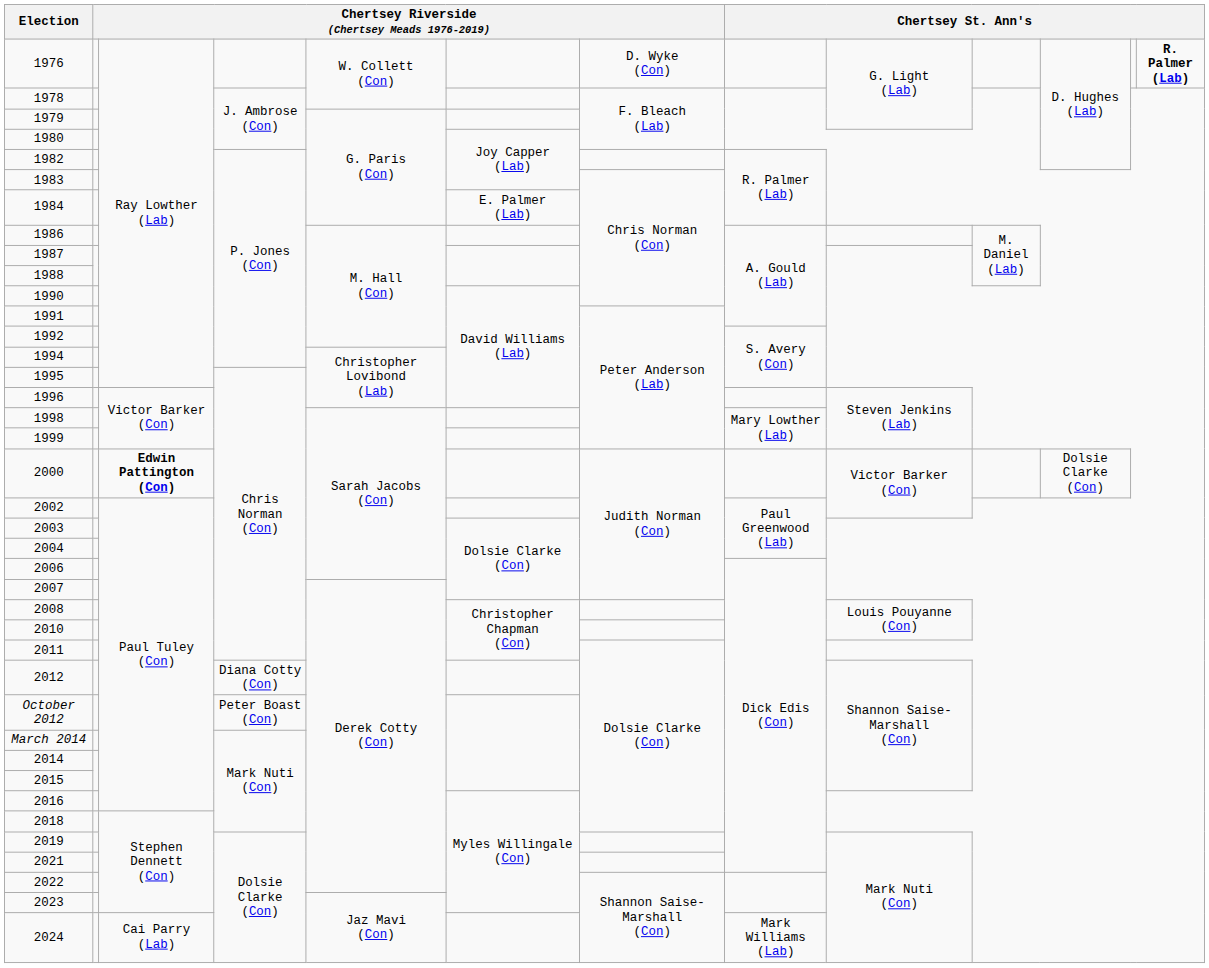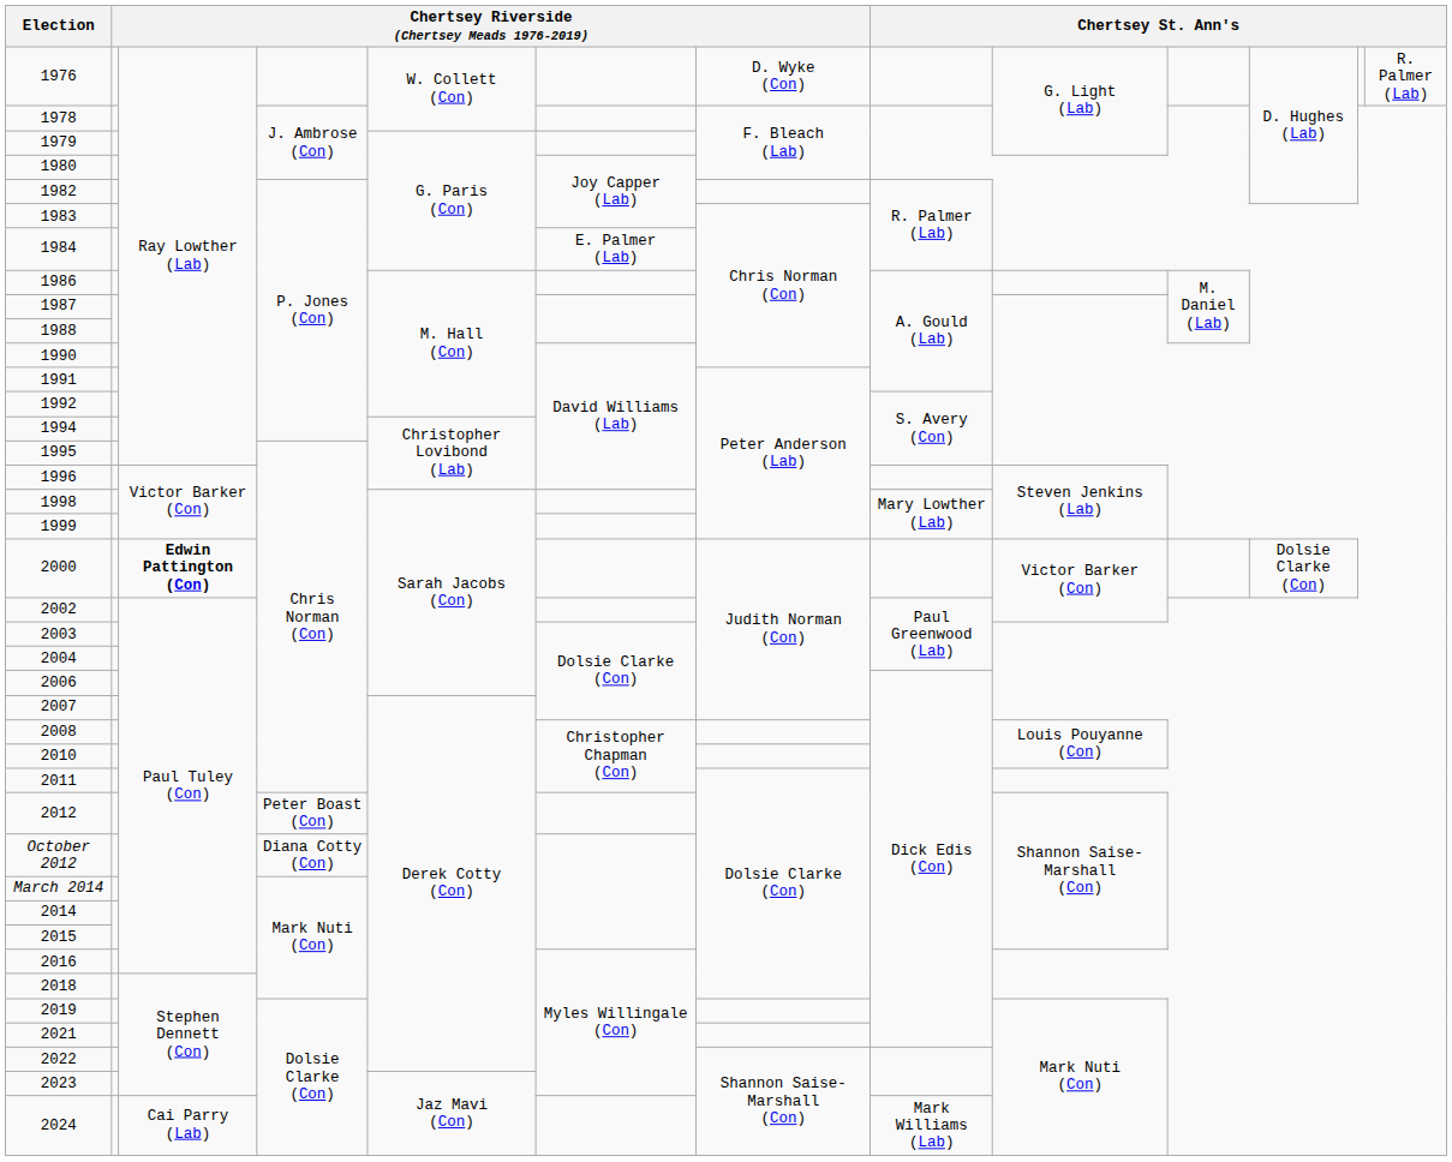 <table class="wikitable" style="text-align:center">
 <tr>
 <th>Election</th>
 <th colspan="6">Chertsey Riverside<br><small><em>(Chertsey Meads 1976-2019)</em></small></th>
 <th colspan="6">Chertsey St. Ann's</th>
 </tr>
 <tr>
 <td>1976</td>
 <td style="color:inherit;background:"></td>
 <td rowspan="15">Ray Lowther<br>(<a href='#'>Lab</a>)</td>
 <td style="color:inherit;background:"></td>
 <td rowspan="2">W. Collett<br>(<a href='#'>Con</a>)</td>
 <td style="color:inherit;background:"></td>
 <td>D. Wyke<br>(<a href='#'>Con</a>)</td>
 <td style="color:inherit;background:"></td>
 <td rowspan="3">G. Light<br>(<a href='#'>Lab</a>)</td>
 <td style="color:inherit;background:"></td>
 <td rowspan="5">D. Hughes<br>(<a href='#'>Lab</a>)</td>
 <td style="color:inherit;background:"></td>
-<td><strong>R. Palmer<br>(<a href='#'>Lab</a>)</strong></td>
+<td>R. Palmer<br>(<a href='#'>Lab</a>)</td>
 </tr>
 <tr>
 <td>1978</td>
 <td style="color:inherit;background:"></td>
 <td rowspan="3">J. Ambrose<br>(<a href='#'>Con</a>)</td>
 <td style="color:inherit;background:"></td>
 <td rowspan="3">F. Bleach<br>(<a href='#'>Lab</a>)</td>
 </tr>
 <tr>
 <td>1979</td>
 <td style="color:inherit;background:"></td>
 <td rowspan="5">G. Paris<br>(<a href='#'>Con</a>)</td>
 </tr>
 <tr>
 <td>1980</td>
 <td style="color:inherit;background:"></td>
 <td rowspan="3">Joy Capper<br>(<a href='#'>Lab</a>)</td>
 </tr>
 <tr>
 <td>1982</td>
 <td style="color:inherit;background:"></td>
 <td rowspan="10">P. Jones<br>(<a href='#'>Con</a>)</td>
 <td style="color:inherit;background:"></td>
 <td rowspan="3">R. Palmer<br>(<a href='#'>Lab</a>)</td>
 </tr>
 <tr>
 <td>1983</td>
 <td style="color:inherit;background:"></td>
 <td rowspan="6">Chris Norman<br>(<a href='#'>Con</a>)</td>
 </tr>
 <tr>
 <td>1984</td>
 <td style="color:inherit;background:"></td>
 <td>E. Palmer<br>(<a href='#'>Lab</a>)</td>
 </tr>
 <tr>
 <td>1986</td>
 <td style="color:inherit;background:"></td>
 <td rowspan="6">M. Hall<br>(<a href='#'>Con</a>)</td>
 <td style="color:inherit;background:"></td>
 <td rowspan="5">A. Gould<br>(<a href='#'>Lab</a>)</td>
 <td style="color:inherit;background:"></td>
 <td rowspan="3">M. Daniel<br>(<a href='#'>Lab</a>)</td>
 </tr>
 <tr>
 <td>1987</td>
 </tr>
 <tr>
 <td>1988</td>
 </tr>
 <tr>
 <td>1990</td>
 <td style="color:inherit;background:"></td>
 <td rowspan="6">David Williams<br>(<a href='#'>Lab</a>)</td>
 </tr>
 <tr>
 <td>1991</td>
 <td style="color:inherit;background:"></td>
 <td rowspan="7">Peter Anderson<br>(<a href='#'>Lab</a>)</td>
 </tr>
 <tr>
 <td>1992</td>
 <td style="color:inherit;background:"></td>
 <td rowspan="3">S. Avery<br>(<a href='#'>Con</a>)</td>
 </tr>
 <tr>
 <td>1994</td>
 <td style="color:inherit;background:"></td>
 <td rowspan="3">Christopher Lovibond<br>(<a href='#'>Lab</a>)</td>
 </tr>
 <tr>
 <td>1995</td>
 <td style="color:inherit;background:"></td>
 <td rowspan="13">Chris Norman<br>(<a href='#'>Con</a>)</td>
 </tr>
 <tr>
 <td>1996</td>
 <td style="color:inherit;background:"></td>
 <td rowspan="3">Victor Barker<br>(<a href='#'>Con</a>)</td>
 <td style="color:inherit;background:"></td>
 <td rowspan="3">Steven Jenkins<br>(<a href='#'>Lab</a>)</td>
 </tr>
 <tr>
 <td>1998</td>
 <td style="color:inherit;background:"></td>
 <td rowspan="7">Sarah Jacobs<br>(<a href='#'>Con</a>)</td>
 <td style="color:inherit;background:"></td>
 <td rowspan="2">Mary Lowther<br>(<a href='#'>Lab</a>)</td>
 </tr>
 <tr>
 <td>1999</td>
 </tr>
 <tr>
 <td>2000</td>
 <td style="color:inherit;background:"></td>
 <td rowspan="1"><strong>Edwin Pattington<br>(<a href='#'>Con</a>)</strong></td>
 <td style="color:inherit;background:"></td>
 <td rowspan="6">Judith Norman<br>(<a href='#'>Con</a>)</td>
 <td style="color:inherit;background:"></td>
 <td rowspan="2">Victor Barker<br>(<a href='#'>Con</a>)</td>
 <td style="color:inherit;background:"></td>
 <td rowspan="1">Dolsie Clarke<br>(<a href='#'>Con</a>)</td>
 </tr>
 <tr>
 <td>2002</td>
 <td style="color:inherit;background:"></td>
 <td rowspan="14">Paul Tuley<br>(<a href='#'>Con</a>)</td>
 <td style="color:inherit;background:"></td>
 <td rowspan="3">Paul Greenwood<br>(<a href='#'>Lab</a>)</td>
 </tr>
 <tr>
 <td>2003</td>
 <td style="color:inherit;background:"></td>
 <td rowspan="4">Dolsie Clarke<br>(<a href='#'>Con</a>)</td>
 </tr>
 <tr>
 <td>2004</td>
 </tr>
 <tr>
 <td>2006</td>
 <td style="color:inherit;background:"></td>
 <td rowspan="14">Dick Edis<br>(<a href='#'>Con</a>)</td>
 </tr>
 <tr>
 <td>2007</td>
 <td style="color:inherit;background:"></td>
 <td rowspan="14">Derek Cotty<br>(<a href='#'>Con</a>)</td>
 </tr>
 <tr>
 <td>2008</td>
 <td style="color:inherit;background:"></td>
 <td rowspan="3">Christopher Chapman<br>(<a href='#'>Con</a>)</td>
 <td style="color:inherit;background:"></td>
 <td rowspan="2">Louis Pouyanne<br>(<a href='#'>Con</a>)</td>
 </tr>
 <tr>
 <td>2010</td>
 </tr>
 <tr>
 <td>2011</td>
 <td style="color:inherit;background:"></td>
 <td rowspan="8">Dolsie Clarke<br>(<a href='#'>Con</a>)</td>
 </tr>
 <tr>
 <td>2012</td>
 <td style="color:inherit;background:"></td>
-<td rowspan="1">Diana Cotty<br>(<a href='#'>Con</a>)</td>
+<td>Peter Boast<br>(<a href='#'>Con</a>)</td>
 <td style="color:inherit;background:"></td>
 <td rowspan="5">Shannon Saise-Marshall<br>(<a href='#'>Con</a>)</td>
 </tr>
 <tr>
 <td><em>October 2012</em></td>
 <td style="color:inherit;background:"></td>
-<td>Peter Boast<br>(<a href='#'>Con</a>)</td>
+<td rowspan="1">Diana Cotty<br>(<a href='#'>Con</a>)</td>
 </tr>
 <tr>
 <td><em>March 2014</em></td>
 <td style="color:inherit;background:"></td>
 <td rowspan="5">Mark Nuti<br>(<a href='#'>Con</a>)</td>
 </tr>
 <tr>
 <td>2014</td>
 </tr>
 <tr>
 <td>2015</td>
 </tr>
 <tr>
 <td>2016</td>
 <td style="color:inherit;background:"></td>
 <td rowspan="6">Myles Willingale<br>(<a href='#'>Con</a>)</td>
 </tr>
 <tr>
 <td>2018</td>
 <td style="color:inherit;background:"></td>
 <td rowspan="5">Stephen Dennett<br>(<a href='#'>Con</a>)</td>
 </tr>
 <tr>
 <td>2019</td>
 <td style="color:inherit;background:"></td>
 <td rowspan="5">Dolsie Clarke<br>(<a href='#'>Con</a>)</td>
 <td style="color:inherit;background:"></td>
 <td rowspan="6">Mark Nuti<br>(<a href='#'>Con</a>)</td>
 </tr>
 <tr>
 <td>2021</td>
 </tr>
 <tr>
 <td>2022</td>
 <td style="color:inherit;background:"></td>
 <td rowspan="3">Shannon Saise-Marshall<br>(<a href='#'>Con</a>)</td>
 </tr>
 <tr>
 <td>2023</td>
 <td style="color:inherit;background:"></td>
 <td rowspan="3">Jaz Mavi<br>(<a href='#'>Con</a>)</td>
 </tr>
 <tr>
 <td>2024</td>
 <td style="color:inherit;background:"></td>
 <td rowspan="3">Cai Parry<br>(<a href='#'>Lab</a>)</td>
 <td style="color:inherit;background:"></td>
 <td rowspan="3">Mark Williams<br>(<a href='#'>Lab</a>)</td>
 </tr>
 </table>
